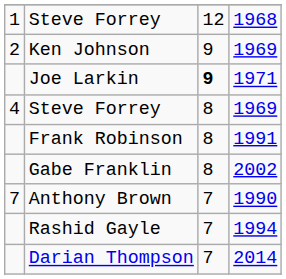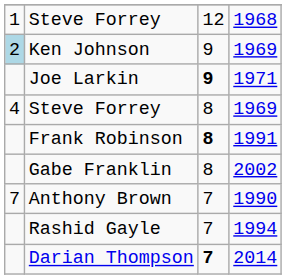 <table class="wikitable">
 <tr>
 </tr>
 <tr>
 <td>1</td>
 <td>Steve Forrey</td>
 <td>12</td>
 <td><a href='#'>1968</a></td>
 </tr>
 <tr>
-<td>2</td>
+<td style="background: lightblue;">2</td>
 <td>Ken Johnson</td>
 <td>9</td>
 <td><a href='#'>1969</a></td>
 </tr>
 <tr>
 <td></td>
 <td>Joe Larkin</td>
 <td><strong>9</strong></td>
 <td><a href='#'>1971</a></td>
 </tr>
 <tr>
 <td>4</td>
 <td>Steve Forrey</td>
 <td>8</td>
 <td><a href='#'>1969</a></td>
 </tr>
 <tr>
 <td></td>
 <td>Frank Robinson</td>
-<td>8</td>
+<td><strong>8</strong></td>
 <td><a href='#'>1991</a></td>
 </tr>
 <tr>
 <td></td>
 <td>Gabe Franklin</td>
 <td>8</td>
 <td><a href='#'>2002</a></td>
 </tr>
 <tr>
 <td>7</td>
 <td>Anthony Brown</td>
 <td>7</td>
 <td><a href='#'>1990</a></td>
 </tr>
 <tr>
 <td></td>
 <td>Rashid Gayle</td>
 <td>7</td>
 <td><a href='#'>1994</a></td>
 </tr>
 <tr>
 <td></td>
 <td><a href='#'>Darian Thompson</a></td>
-<td>7</td>
+<td><strong>7</strong></td>
 <td><a href='#'>2014</a></td>
 </tr>
 </table>
